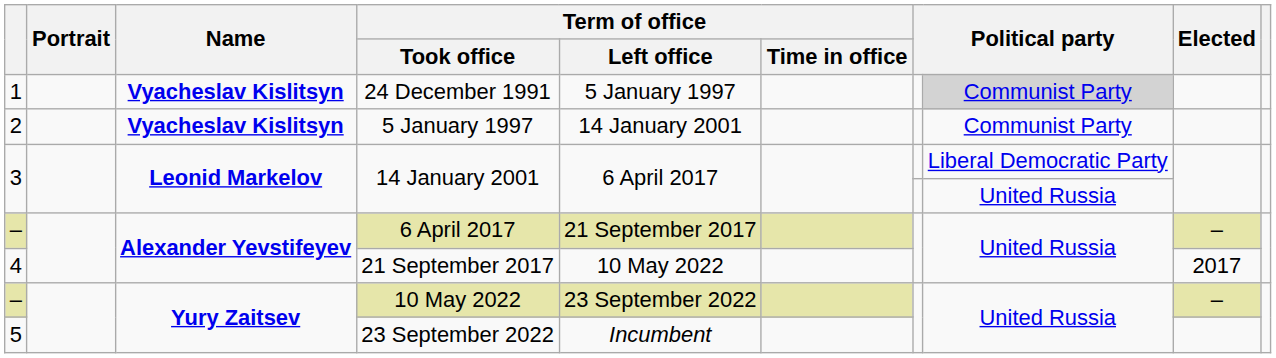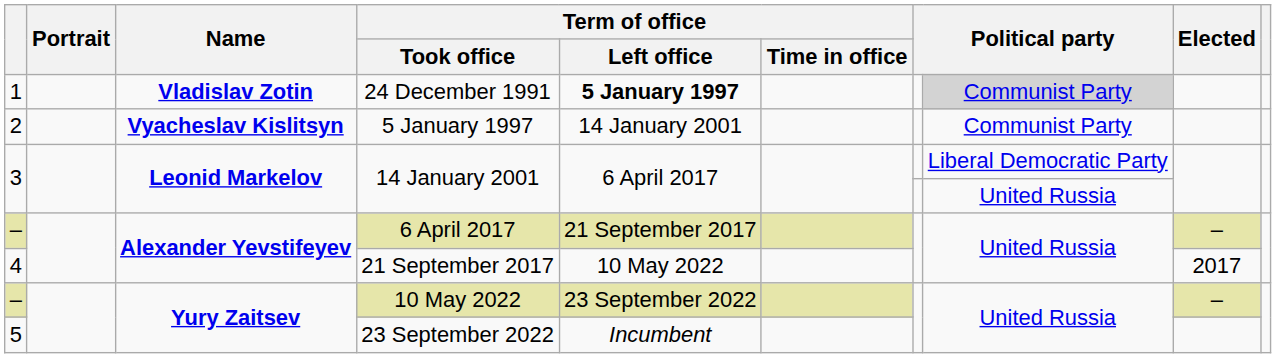 <table class="wikitable" style="text-align:center">
 <tr>
 <th rowspan=2></th>
 <th rowspan=2>Portrait</th>
 <th rowspan=2>Name<br></th>
 <th colspan=3>Term of office</th>
 <th colspan=2 rowspan=2>Political party</th>
 <th rowspan=2>Elected</th>
 <th rowspan=2></th>
 </tr>
 <tr>
 <th>Took office</th>
 <th>Left office</th>
 <th>Time in office</th>
 </tr>
 <tr>
 <td>1</td>
 <td></td>
-<td><strong><a href='#'>Vyacheslav Kislitsyn</a></strong><br></td>
+<td><strong><a href='#'>Vladislav Zotin</a></strong><br></td>
 <td>24 December 1991</td>
-<td>5 January 1997</td>
+<td><strong>5 January 1997</strong></td>
 <td></td>
 <td style="background:"></td>
 <td style="background: lightgrey;"><a href='#'>Communist Party</a></td>
 <td></td>
 <td></td>
 </tr>
 <tr>
 <td>2</td>
 <td></td>
 <td><strong><a href='#'>Vyacheslav Kislitsyn</a></strong><br></td>
 <td>5 January 1997</td>
 <td>14 January 2001</td>
 <td></td>
 <td style="background:"></td>
 <td><a href='#'>Communist Party</a></td>
 <td></td>
 <td></td>
 </tr>
 <tr>
 <td rowspan=2>3</td>
 <td rowspan=2></td>
 <td rowspan=2><strong><a href='#'>Leonid Markelov</a></strong><br></td>
 <td rowspan=2>14 January 2001</td>
 <td rowspan=2>6 April 2017</td>
 <td rowspan=2></td>
 <td style="background:"></td>
 <td><a href='#'>Liberal Democratic Party</a></td>
 <td rowspan=2></td>
 <td rowspan=2></td>
 </tr>
 <tr>
 <td style="background:"></td>
 <td><a href='#'>United Russia</a></td>
 </tr>
 <tr>
 <td style="background:#e6e6aa;">–</td>
 <td rowspan=2></td>
 <td rowspan=2><strong><a href='#'>Alexander Yevstifeyev</a></strong><br></td>
 <td style="background:#e6e6aa;">6 April 2017</td>
 <td style="background:#e6e6aa;">21 September 2017</td>
 <td style="background:#e6e6aa;"></td>
 <td rowspan=2 style="background:"></td>
 <td rowspan=2><a href='#'>United Russia</a></td>
 <td style="background:#e6e6aa;">–</td>
 <td rowspan=2></td>
 </tr>
 <tr>
 <td>4</td>
 <td>21 September 2017</td>
 <td>10 May 2022</td>
 <td></td>
 <td>2017</td>
 </tr>
 <tr>
 <td style="background:#e6e6aa;">–</td>
 <td rowspan=2></td>
 <td rowspan=2><strong><a href='#'>Yury Zaitsev</a></strong><br></td>
 <td style="background:#e6e6aa;">10 May 2022</td>
 <td style="background:#e6e6aa;">23 September 2022</td>
 <td style="background:#e6e6aa;"></td>
 <td rowspan=2 style="background:"></td>
 <td rowspan=2><a href='#'>United Russia</a></td>
 <td style="background:#e6e6aa;">–</td>
 <td rowspan=2></td>
 </tr>
 <tr>
 <td>5</td>
 <td>23 September 2022</td>
 <td><em>Incumbent</em></td>
 <td></td>
 <td></td>
 </tr>
 </table>
